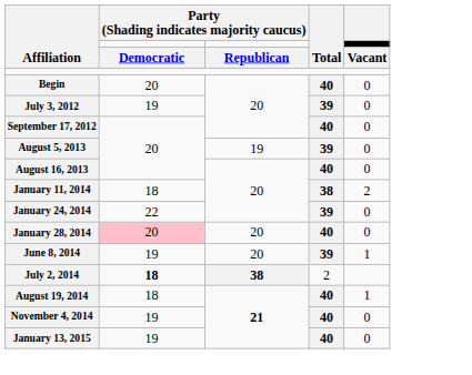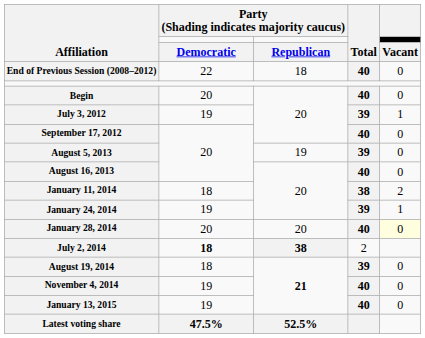 <table class=wikitable style="text-align:center">
 <tr style="vertical-align:bottom;">
 <th rowspan=3>Affiliation</th>
 <th colspan=2>Party <div>(Shading indicates majority caucus)</div></th>
 <th rowspan=3>Total</th>
 <th></th>
 </tr>
 <tr style="height:5px">
 <td style="background-color:"></td>
 <td style="background-color:"></td>
 <td style="background:black;"></td>
 </tr>
 <tr>
 <th><a href='#'>Democratic</a></th>
 <th><a href='#'>Republican</a></th>
 <th>Vacant</th>
 </tr>
 <tr>
+<th nowrap style="font-size:80%">End of Previous Session (2008–2012)</th>
+<td>22</td>
+<td>18</td>
+<th>40</th>
+<td>0</td>
+</tr>
+<tr>
 <td colspan=5></td>
 </tr>
 <tr>
 <th nowrap style="font-size:80%">Begin</th>
 <td>20</td>
 <td rowspan=3 >20</td>
 <th>40</th>
 <td>0</td>
 </tr>
 <tr>
 <th nowrap style="font-size:80%">July 3, 2012</th>
 <td>19</td>
 <th>39</th>
-<td>0</td>
+<td>1</td>
 </tr>
 <tr>
 <th nowrap style="font-size:80%">September 17, 2012</th>
 <td rowspan=3>20</td>
 <th>40</th>
 <td>0</td>
 </tr>
 <tr>
 <th nowrap style="font-size:80%">August 5, 2013</th>
 <td>19</td>
 <th>39</th>
 <td>0</td>
 </tr>
 <tr>
 <th nowrap style="font-size:80%">August 16, 2013</th>
 <td rowspan=3 >20</td>
 <th>40</th>
 <td>0</td>
 </tr>
 <tr>
 <th nowrap style="font-size:80%">January 11, 2014</th>
 <td>18</td>
 <th>38</th>
 <td>2</td>
 </tr>
 <tr>
 <th nowrap style="font-size:80%">January 24, 2014</th>
-<td>22</td>
+<td>19</td>
 <th>39</th>
-<td>0</td>
+<td>1</td>
 </tr>
 <tr>
 <th nowrap style="font-size:80%">January 28, 2014</th>
-<td style="background: pink;">20</td>
+<td>20</td>
 <td>20</td>
 <th>40</th>
-<td>0</td>
-</tr>
-<tr>
-<th nowrap style="font-size:80%">June 8, 2014</th>
-<td>19</td>
-<td>20</td>
-<th>39</th>
-<td>1</td>
+<td style="background: lightyellow;">0</td>
 </tr>
 <tr>
 <th nowrap style="font-size:80%">July 2, 2014</th>
 <td><strong>18</strong></td>
 <th>38</th>
 <td>2</td>
 </tr>
 <tr>
 <th nowrap style="font-size:80%">August 19, 2014</th>
 <td>18</td>
 <td rowspan="3" ><strong>21</strong></td>
-<th>40</th>
-<td>1</td>
+<th>39</th>
+<td>0</td>
 </tr>
 <tr>
 <th nowrap style="font-size:80%">November 4, 2014</th>
 <td>19</td>
 <th>40</th>
 <td>0</td>
 </tr>
 <tr>
 <th nowrap style="font-size:80%">January 13, 2015</th>
 <td>19</td>
 <th>40</th>
 <td>0</td>
 </tr>
+<tr>
+<th nowrap style="font-size:80%">Latest voting share</th>
+<th>47.5% </th>
+<th>52.5%</th>
+<th></th>
+<td></td>
+</tr>
 </table>
